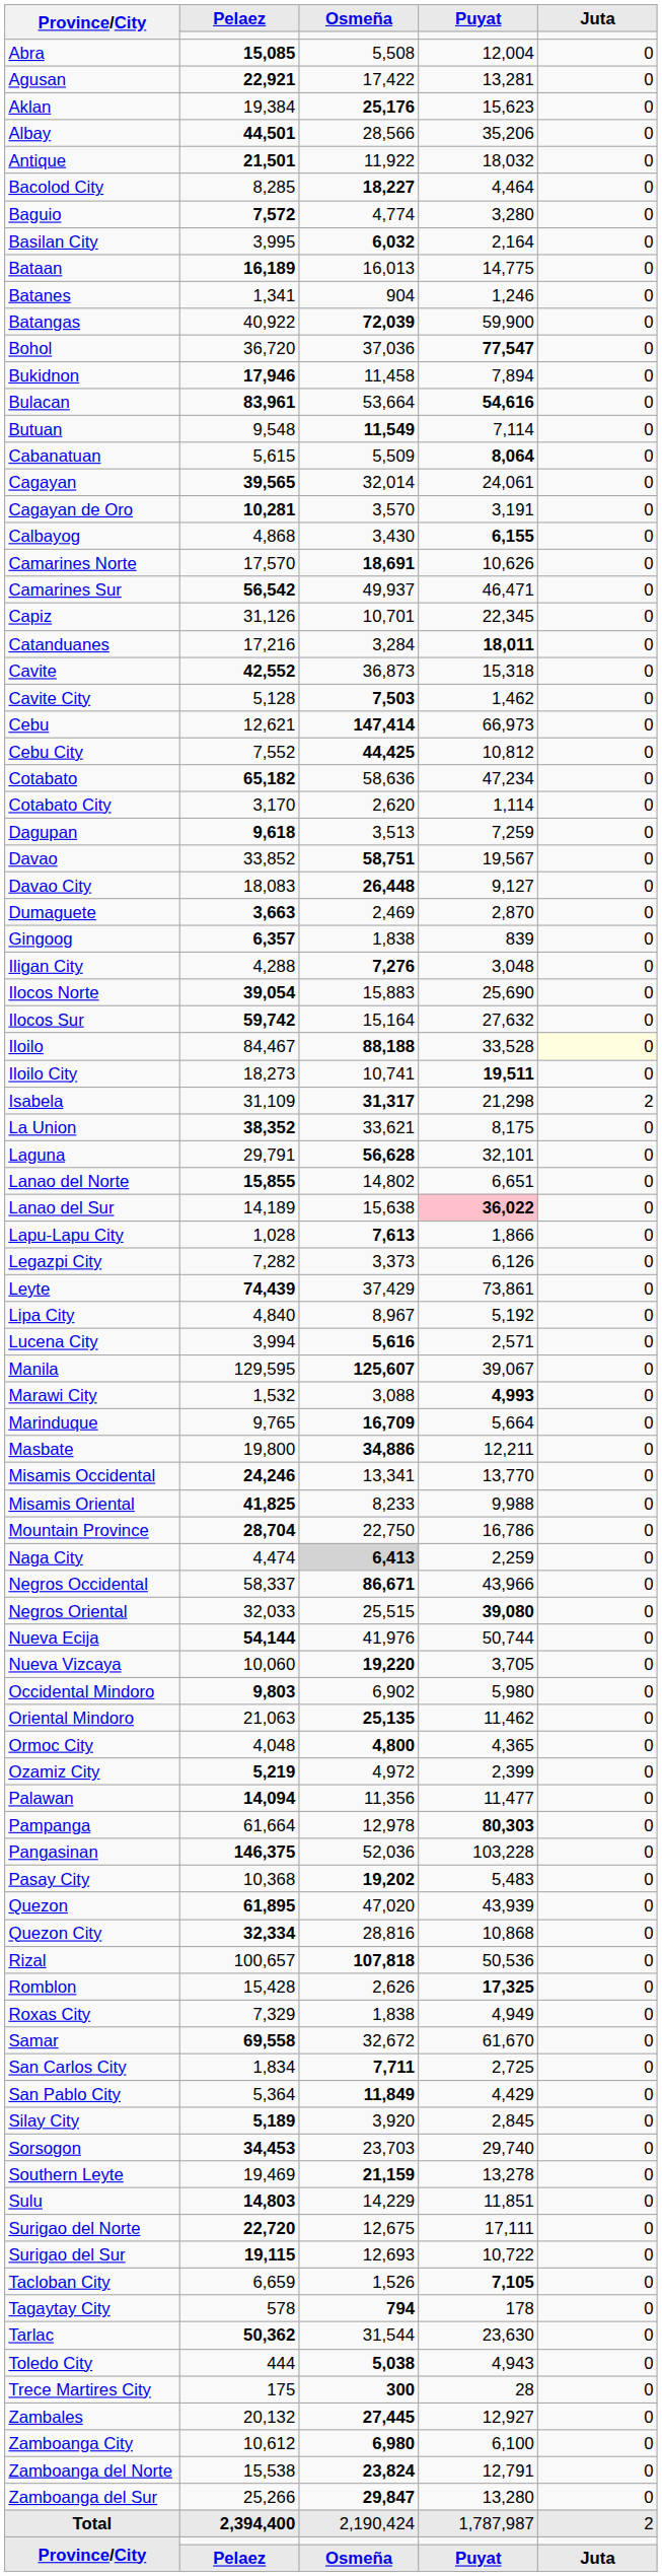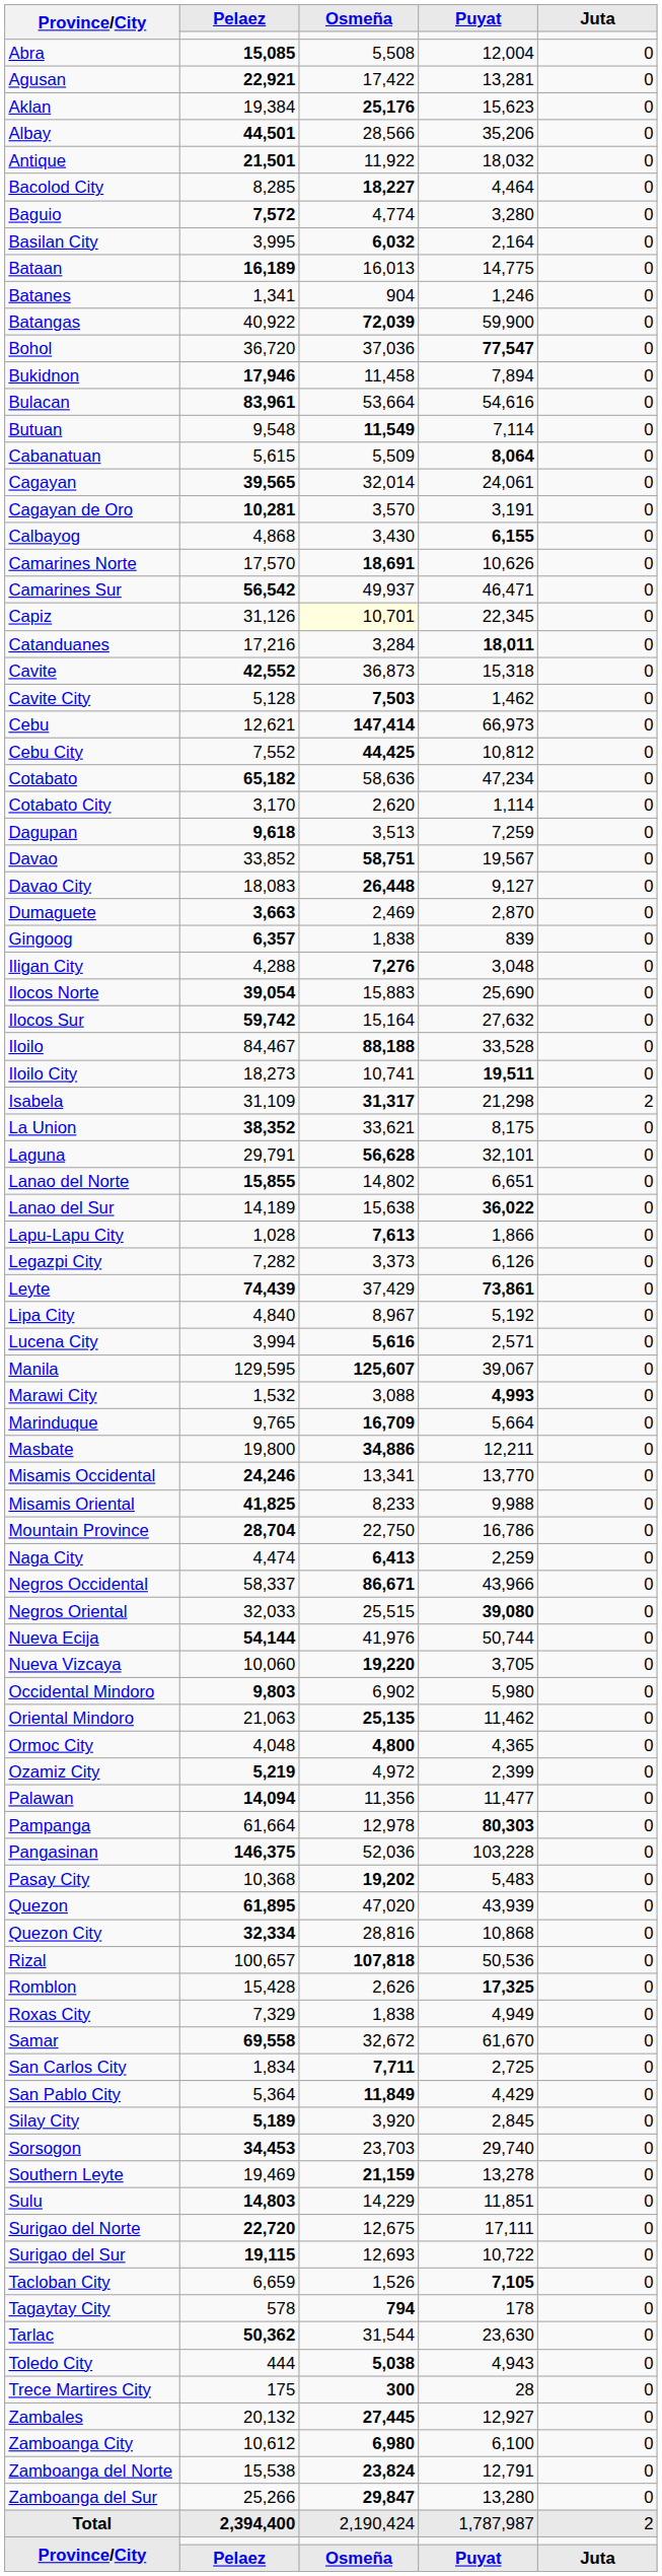 <table class="wikitable" style="text-align:right; font-size:95%">
 <tr>
 <th rowspan="2" width="150px" align="left"><a href='#'>Province</a>/<a href='#'>City</a></th>
 <th width="100px" align="center" style="background: #E9E9E9"><a href='#'>Pelaez</a></th>
 <th width="100px" align="center" style="background: #E9E9E9"><a href='#'>Osmeña</a></th>
 <th width="100px" align="center" style="background: #E9E9E9"><a href='#'>Puyat</a></th>
 <th width="100px" align="center" style="background: #E9E9E9">Juta</th>
 </tr>
 <tr>
 <td></td>
 <td></td>
 <td></td>
 <td></td>
 </tr>
 <tr>
 <td align="left"><a href='#'>Abra</a></td>
 <td><strong>15,085</strong></td>
 <td>5,508</td>
 <td>12,004</td>
 <td>0</td>
 </tr>
 <tr>
 <td align="left"><a href='#'>Agusan</a></td>
 <td><strong>22,921</strong></td>
 <td>17,422</td>
 <td>13,281</td>
 <td>0</td>
 </tr>
 <tr>
 <td align="left"><a href='#'>Aklan</a></td>
 <td>19,384</td>
 <td><strong>25,176</strong></td>
 <td>15,623</td>
 <td>0</td>
 </tr>
 <tr>
 <td align="left"><a href='#'>Albay</a></td>
 <td><strong>44,501</strong></td>
 <td>28,566</td>
 <td>35,206</td>
 <td>0</td>
 </tr>
 <tr>
 <td align="left"><a href='#'>Antique</a></td>
 <td><strong>21,501</strong></td>
 <td>11,922</td>
 <td>18,032</td>
 <td>0</td>
 </tr>
 <tr>
 <td align="left"><a href='#'>Bacolod City</a></td>
 <td>8,285</td>
 <td><strong>18,227</strong></td>
 <td>4,464</td>
 <td>0</td>
 </tr>
 <tr>
 <td align="left"><a href='#'>Baguio</a></td>
 <td><strong>7,572</strong></td>
 <td>4,774</td>
 <td>3,280</td>
 <td>0</td>
 </tr>
 <tr>
 <td align="left"><a href='#'>Basilan City</a></td>
 <td>3,995</td>
 <td><strong>6,032</strong></td>
 <td>2,164</td>
 <td>0</td>
 </tr>
 <tr>
 <td align="left"><a href='#'>Bataan</a></td>
 <td><strong>16,189</strong></td>
 <td>16,013</td>
 <td>14,775</td>
 <td>0</td>
 </tr>
 <tr>
 <td align="left"><a href='#'>Batanes</a></td>
 <td>1,341</td>
 <td>904</td>
 <td>1,246</td>
 <td>0</td>
 </tr>
 <tr>
 <td align="left"><a href='#'>Batangas</a></td>
 <td>40,922</td>
 <td><strong>72,039</strong></td>
 <td>59,900</td>
 <td>0</td>
 </tr>
 <tr>
 <td align="left"><a href='#'>Bohol</a></td>
 <td>36,720</td>
 <td>37,036</td>
 <td><strong>77,547</strong></td>
 <td>0</td>
 </tr>
 <tr>
 <td align="left"><a href='#'>Bukidnon</a></td>
 <td><strong>17,946</strong></td>
 <td>11,458</td>
 <td>7,894</td>
 <td>0</td>
 </tr>
 <tr>
 <td align="left"><a href='#'>Bulacan</a></td>
 <td><strong>83,961</strong></td>
 <td>53,664</td>
-<td><strong>54,616</strong></td>
+<td>54,616</td>
 <td>0</td>
 </tr>
 <tr>
 <td align="left"><a href='#'>Butuan</a></td>
 <td>9,548</td>
 <td><strong>11,549</strong></td>
 <td>7,114</td>
 <td>0</td>
 </tr>
 <tr>
 <td align="left"><a href='#'>Cabanatuan</a></td>
 <td>5,615</td>
 <td>5,509</td>
 <td><strong>8,064</strong></td>
 <td>0</td>
 </tr>
 <tr>
 <td align="left"><a href='#'>Cagayan</a></td>
 <td><strong>39,565</strong></td>
 <td>32,014</td>
 <td>24,061</td>
 <td>0</td>
 </tr>
 <tr>
 <td align="left"><a href='#'>Cagayan de Oro</a></td>
 <td><strong>10,281</strong></td>
 <td>3,570</td>
 <td>3,191</td>
 <td>0</td>
 </tr>
 <tr>
 <td align="left"><a href='#'>Calbayog</a></td>
 <td>4,868</td>
 <td>3,430</td>
 <td><strong>6,155</strong></td>
 <td>0</td>
 </tr>
 <tr>
 <td align="left"><a href='#'>Camarines Norte</a></td>
 <td>17,570</td>
 <td><strong>18,691</strong></td>
 <td>10,626</td>
 <td>0</td>
 </tr>
 <tr>
 <td align="left"><a href='#'>Camarines Sur</a></td>
 <td><strong>56,542</strong></td>
 <td>49,937</td>
 <td>46,471</td>
 <td>0</td>
 </tr>
 <tr>
 <td align="left"><a href='#'>Capiz</a></td>
 <td>31,126</td>
-<td>10,701</td>
+<td style="background: lightyellow;">10,701</td>
 <td>22,345</td>
 <td>0</td>
 </tr>
 <tr>
 <td align="left"><a href='#'>Catanduanes</a></td>
 <td>17,216</td>
 <td>3,284</td>
 <td><strong>18,011</strong></td>
 <td>0</td>
 </tr>
 <tr>
 <td align="left"><a href='#'>Cavite</a></td>
 <td><strong>42,552</strong></td>
 <td>36,873</td>
 <td>15,318</td>
 <td>0</td>
 </tr>
 <tr>
 <td align="left"><a href='#'>Cavite City</a></td>
 <td>5,128</td>
 <td><strong>7,503</strong></td>
 <td>1,462</td>
 <td>0</td>
 </tr>
 <tr>
 <td align="left"><a href='#'>Cebu</a></td>
 <td>12,621</td>
 <td><strong>147,414</strong></td>
 <td>66,973</td>
 <td>0</td>
 </tr>
 <tr>
 <td align="left"><a href='#'>Cebu City</a></td>
 <td>7,552</td>
 <td><strong>44,425</strong></td>
 <td>10,812</td>
 <td>0</td>
 </tr>
 <tr>
 <td align="left"><a href='#'>Cotabato</a></td>
 <td><strong>65,182</strong></td>
 <td>58,636</td>
 <td>47,234</td>
 <td>0</td>
 </tr>
 <tr>
 <td align="left"><a href='#'>Cotabato City</a></td>
 <td>3,170</td>
 <td>2,620</td>
 <td>1,114</td>
 <td>0</td>
 </tr>
 <tr>
 <td align="left"><a href='#'>Dagupan</a></td>
 <td><strong>9,618</strong></td>
 <td>3,513</td>
 <td>7,259</td>
 <td>0</td>
 </tr>
 <tr>
 <td align="left"><a href='#'>Davao</a></td>
 <td>33,852</td>
 <td><strong>58,751</strong></td>
 <td>19,567</td>
 <td>0</td>
 </tr>
 <tr>
 <td align="left"><a href='#'>Davao City</a></td>
 <td>18,083</td>
 <td><strong>26,448</strong></td>
 <td>9,127</td>
 <td>0</td>
 </tr>
 <tr>
 <td align="left"><a href='#'>Dumaguete</a></td>
 <td><strong>3,663</strong></td>
 <td>2,469</td>
 <td>2,870</td>
 <td>0</td>
 </tr>
 <tr>
 <td align="left"><a href='#'>Gingoog</a></td>
 <td><strong>6,357</strong></td>
 <td>1,838</td>
 <td>839</td>
 <td>0</td>
 </tr>
 <tr>
 <td align="left"><a href='#'>Iligan City</a></td>
 <td>4,288</td>
 <td><strong>7,276</strong></td>
 <td>3,048</td>
 <td>0</td>
 </tr>
 <tr>
 <td align="left"><a href='#'>Ilocos Norte</a></td>
 <td><strong>39,054</strong></td>
 <td>15,883</td>
 <td>25,690</td>
 <td>0</td>
 </tr>
 <tr>
 <td align="left"><a href='#'>Ilocos Sur</a></td>
 <td><strong>59,742</strong></td>
 <td>15,164</td>
 <td>27,632</td>
 <td>0</td>
 </tr>
 <tr>
 <td align="left"><a href='#'>Iloilo</a></td>
 <td>84,467</td>
 <td><strong>88,188</strong></td>
 <td>33,528</td>
-<td style="background: lightyellow;">0</td>
+<td>0</td>
 </tr>
 <tr>
 <td align="left"><a href='#'>Iloilo City</a></td>
 <td>18,273</td>
 <td>10,741</td>
 <td><strong>19,511</strong></td>
 <td>0</td>
 </tr>
 <tr>
 <td align="left"><a href='#'>Isabela</a></td>
 <td>31,109</td>
 <td><strong>31,317</strong></td>
 <td>21,298</td>
 <td>2</td>
 </tr>
 <tr>
 <td align="left"><a href='#'>La Union</a></td>
 <td><strong>38,352</strong></td>
 <td>33,621</td>
 <td>8,175</td>
 <td>0</td>
 </tr>
 <tr>
 <td align="left"><a href='#'>Laguna</a></td>
 <td>29,791</td>
 <td><strong>56,628</strong></td>
 <td>32,101</td>
 <td>0</td>
 </tr>
 <tr>
 <td align="left"><a href='#'>Lanao del Norte</a></td>
 <td><strong>15,855</strong></td>
 <td>14,802</td>
 <td>6,651</td>
 <td>0</td>
 </tr>
 <tr>
 <td align="left"><a href='#'>Lanao del Sur</a></td>
 <td>14,189</td>
 <td>15,638</td>
-<td style="background: pink;"><strong>36,022</strong></td>
+<td><strong>36,022</strong></td>
 <td>0</td>
 </tr>
 <tr>
 <td align="left"><a href='#'>Lapu-Lapu City</a></td>
 <td>1,028</td>
 <td><strong>7,613</strong></td>
 <td>1,866</td>
 <td>0</td>
 </tr>
 <tr>
 <td align="left"><a href='#'>Legazpi City</a></td>
 <td>7,282</td>
 <td>3,373</td>
 <td>6,126</td>
 <td>0</td>
 </tr>
 <tr>
 <td align="left"><a href='#'>Leyte</a></td>
 <td><strong>74,439</strong></td>
 <td>37,429</td>
-<td>73,861</td>
+<td><strong>73,861</strong></td>
 <td>0</td>
 </tr>
 <tr>
 <td align="left"><a href='#'>Lipa City</a></td>
 <td>4,840</td>
 <td>8,967</td>
 <td>5,192</td>
 <td>0</td>
 </tr>
 <tr>
 <td align="left"><a href='#'>Lucena City</a></td>
 <td>3,994</td>
 <td><strong>5,616</strong></td>
 <td>2,571</td>
 <td>0</td>
 </tr>
 <tr>
 <td align="left"><a href='#'>Manila</a></td>
 <td>129,595</td>
 <td><strong>125,607</strong></td>
 <td>39,067</td>
 <td>0</td>
 </tr>
 <tr>
 <td align="left"><a href='#'>Marawi City</a></td>
 <td>1,532</td>
 <td>3,088</td>
 <td><strong>4,993</strong></td>
 <td>0</td>
 </tr>
 <tr>
 <td align="left"><a href='#'>Marinduque</a></td>
 <td>9,765</td>
 <td><strong>16,709</strong></td>
 <td>5,664</td>
 <td>0</td>
 </tr>
 <tr>
 <td align="left"><a href='#'>Masbate</a></td>
 <td>19,800</td>
 <td><strong>34,886</strong></td>
 <td>12,211</td>
 <td>0</td>
 </tr>
 <tr>
 <td align="left"><a href='#'>Misamis Occidental</a></td>
 <td><strong>24,246</strong></td>
 <td>13,341</td>
 <td>13,770</td>
 <td>0</td>
 </tr>
 <tr>
 <td align="left"><a href='#'>Misamis Oriental</a></td>
 <td><strong>41,825</strong></td>
 <td>8,233</td>
 <td>9,988</td>
 <td>0</td>
 </tr>
 <tr>
 <td align="left"><a href='#'>Mountain Province</a></td>
 <td><strong>28,704</strong></td>
 <td>22,750</td>
 <td>16,786</td>
 <td>0</td>
 </tr>
 <tr>
 <td align="left"><a href='#'>Naga City</a></td>
 <td>4,474</td>
-<td style="background: lightgrey;"><strong>6,413</strong></td>
+<td><strong>6,413</strong></td>
 <td>2,259</td>
 <td>0</td>
 </tr>
 <tr>
 <td align="left"><a href='#'>Negros Occidental</a></td>
 <td>58,337</td>
 <td><strong>86,671</strong></td>
 <td>43,966</td>
 <td>0</td>
 </tr>
 <tr>
 <td align="left"><a href='#'>Negros Oriental</a></td>
 <td>32,033</td>
 <td>25,515</td>
 <td><strong>39,080</strong></td>
 <td>0</td>
 </tr>
 <tr>
 <td align="left"><a href='#'>Nueva Ecija</a></td>
 <td><strong>54,144</strong></td>
 <td>41,976</td>
 <td>50,744</td>
 <td>0</td>
 </tr>
 <tr>
 <td align="left"><a href='#'>Nueva Vizcaya</a></td>
 <td>10,060</td>
 <td><strong>19,220</strong></td>
 <td>3,705</td>
 <td>0</td>
 </tr>
 <tr>
 <td align="left"><a href='#'>Occidental Mindoro</a></td>
 <td><strong>9,803</strong></td>
 <td>6,902</td>
 <td>5,980</td>
 <td>0</td>
 </tr>
 <tr>
 <td align="left"><a href='#'>Oriental Mindoro</a></td>
 <td>21,063</td>
 <td><strong>25,135</strong></td>
 <td>11,462</td>
 <td>0</td>
 </tr>
 <tr>
 <td align="left"><a href='#'>Ormoc City</a></td>
 <td>4,048</td>
 <td><strong>4,800</strong></td>
 <td>4,365</td>
 <td>0</td>
 </tr>
 <tr>
 <td align="left"><a href='#'>Ozamiz City</a></td>
 <td><strong>5,219</strong></td>
 <td>4,972</td>
 <td>2,399</td>
 <td>0</td>
 </tr>
 <tr>
 <td align="left"><a href='#'>Palawan</a></td>
 <td><strong>14,094</strong></td>
 <td>11,356</td>
 <td>11,477</td>
 <td>0</td>
 </tr>
 <tr>
 <td align="left"><a href='#'>Pampanga</a></td>
 <td>61,664</td>
 <td>12,978</td>
 <td><strong>80,303</strong></td>
 <td>0</td>
 </tr>
 <tr>
 <td align="left"><a href='#'>Pangasinan</a></td>
 <td><strong>146,375</strong></td>
 <td>52,036</td>
 <td>103,228</td>
 <td>0</td>
 </tr>
 <tr>
 <td align="left"><a href='#'>Pasay City</a></td>
 <td>10,368</td>
 <td><strong>19,202</strong></td>
 <td>5,483</td>
 <td>0</td>
 </tr>
 <tr>
 <td align="left"><a href='#'>Quezon</a></td>
 <td><strong>61,895</strong></td>
 <td>47,020</td>
 <td>43,939</td>
 <td>0</td>
 </tr>
 <tr>
 <td align="left"><a href='#'>Quezon City</a></td>
 <td><strong>32,334</strong></td>
 <td>28,816</td>
 <td>10,868</td>
 <td>0</td>
 </tr>
 <tr>
 <td align="left"><a href='#'>Rizal</a></td>
 <td>100,657</td>
 <td><strong>107,818</strong></td>
 <td>50,536</td>
 <td>0</td>
 </tr>
 <tr>
 <td align="left"><a href='#'>Romblon</a></td>
 <td>15,428</td>
 <td>2,626</td>
 <td><strong>17,325</strong></td>
 <td>0</td>
 </tr>
 <tr>
 <td align="left"><a href='#'>Roxas City</a></td>
 <td>7,329</td>
 <td>1,838</td>
 <td>4,949</td>
 <td>0</td>
 </tr>
 <tr>
 <td align="left"><a href='#'>Samar</a></td>
 <td><strong>69,558</strong></td>
 <td>32,672</td>
 <td>61,670</td>
 <td>0</td>
 </tr>
 <tr>
 <td align="left"><a href='#'>San Carlos City</a></td>
 <td>1,834</td>
 <td><strong>7,711</strong></td>
 <td>2,725</td>
 <td>0</td>
 </tr>
 <tr>
 <td align="left"><a href='#'>San Pablo City</a></td>
 <td>5,364</td>
 <td><strong>11,849</strong></td>
 <td>4,429</td>
 <td>0</td>
 </tr>
 <tr>
 <td align="left"><a href='#'>Silay City</a></td>
 <td><strong>5,189</strong></td>
 <td>3,920</td>
 <td>2,845</td>
 <td>0</td>
 </tr>
 <tr>
 <td align="left"><a href='#'>Sorsogon</a></td>
 <td><strong>34,453</strong></td>
 <td>23,703</td>
 <td>29,740</td>
 <td>0</td>
 </tr>
 <tr>
 <td align="left"><a href='#'>Southern Leyte</a></td>
 <td>19,469</td>
 <td><strong>21,159</strong></td>
 <td>13,278</td>
 <td>0</td>
 </tr>
 <tr>
 <td align="left"><a href='#'>Sulu</a></td>
 <td><strong>14,803</strong></td>
 <td>14,229</td>
 <td>11,851</td>
 <td>0</td>
 </tr>
 <tr>
 <td align="left"><a href='#'>Surigao del Norte</a></td>
 <td><strong>22,720</strong></td>
 <td>12,675</td>
 <td>17,111</td>
 <td>0</td>
 </tr>
 <tr>
 <td align="left"><a href='#'>Surigao del Sur</a></td>
 <td><strong>19,115</strong></td>
 <td>12,693</td>
 <td>10,722</td>
 <td>0</td>
 </tr>
 <tr>
 <td align="left"><a href='#'>Tacloban City</a></td>
 <td>6,659</td>
 <td>1,526</td>
 <td><strong>7,105</strong></td>
 <td>0</td>
 </tr>
 <tr>
 <td align="left"><a href='#'>Tagaytay City</a></td>
 <td>578</td>
 <td><strong>794</strong></td>
 <td>178</td>
 <td>0</td>
 </tr>
 <tr>
 <td align="left"><a href='#'>Tarlac</a></td>
 <td><strong>50,362</strong></td>
 <td>31,544</td>
 <td>23,630</td>
 <td>0</td>
 </tr>
 <tr>
 <td align="left"><a href='#'>Toledo City</a></td>
 <td>444</td>
 <td><strong>5,038</strong></td>
 <td>4,943</td>
 <td>0</td>
 </tr>
 <tr>
 <td align="left"><a href='#'>Trece Martires City</a></td>
 <td>175</td>
 <td><strong>300</strong></td>
 <td>28</td>
 <td>0</td>
 </tr>
 <tr>
 <td align="left"><a href='#'>Zambales</a></td>
 <td>20,132</td>
 <td><strong>27,445</strong></td>
 <td>12,927</td>
 <td>0</td>
 </tr>
 <tr>
 <td align="left"><a href='#'>Zamboanga City</a></td>
 <td>10,612</td>
 <td><strong>6,980</strong></td>
 <td>6,100</td>
 <td>0</td>
 </tr>
 <tr>
 <td align="left"><a href='#'>Zamboanga del Norte</a></td>
 <td>15,538</td>
 <td><strong>23,824</strong></td>
 <td>12,791</td>
 <td>0</td>
 </tr>
 <tr>
 <td align="left"><a href='#'>Zamboanga del Sur</a></td>
 <td>25,266</td>
 <td><strong>29,847</strong></td>
 <td>13,280</td>
 <td>0</td>
 </tr>
 <tr style="background:#E9E9E9">
 <td align="center"><strong>Total</strong></td>
 <td><strong>2,394,400</strong></td>
 <td>2,190,424</td>
 <td>1,787,987</td>
 <td>2</td>
 </tr>
 <tr>
 <th rowspan="2" width="150px" align="left" style="background: #E9E9E9"><a href='#'>Province</a>/<a href='#'>City</a></th>
 <td></td>
 <td></td>
 <td></td>
 <td></td>
 </tr>
 <tr bgcolor="#cccccc">
 <th width="100px" align="center" style="background: #E9E9E9"><a href='#'>Pelaez</a></th>
 <th width="100px" align="center" style="background: #E9E9E9"><a href='#'>Osmeña</a></th>
 <th width="100px" align="center" style="background: #E9E9E9"><a href='#'>Puyat</a></th>
 <th width="100px" align="center" style="background: #E9E9E9">Juta</th>
 </tr>
 </table>
